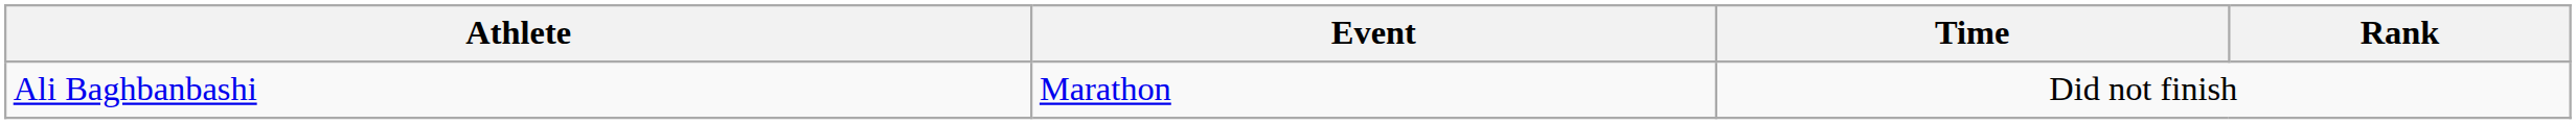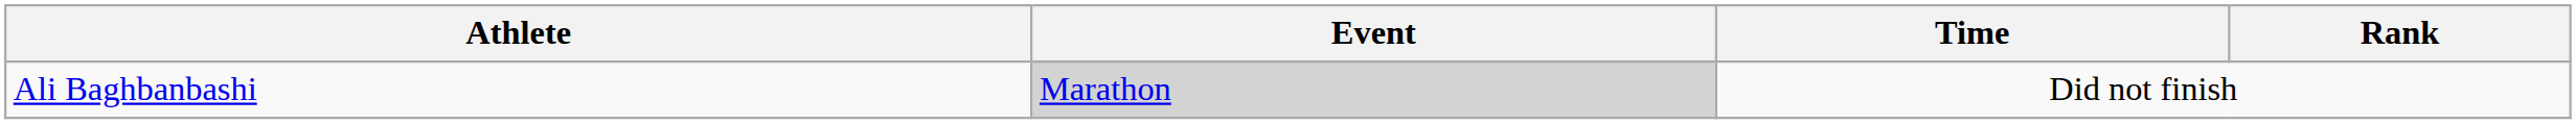 <table class="wikitable" width="55%" style="text-align:center; font-size:90%">
 <tr>
 <th width="30%">Athlete</th>
 <th width="20%">Event</th>
 <th width="15%">Time</th>
 <th width="10%">Rank</th>
 </tr>
 <tr>
 <td align="left"><a href='#'>Ali Baghbanbashi</a></td>
-<td align="left"><a href='#'>Marathon</a></td>
+<td align="left" style="background: lightgrey;"><a href='#'>Marathon</a></td>
 <td colspan=2>Did not finish</td>
 </tr>
 </table>
